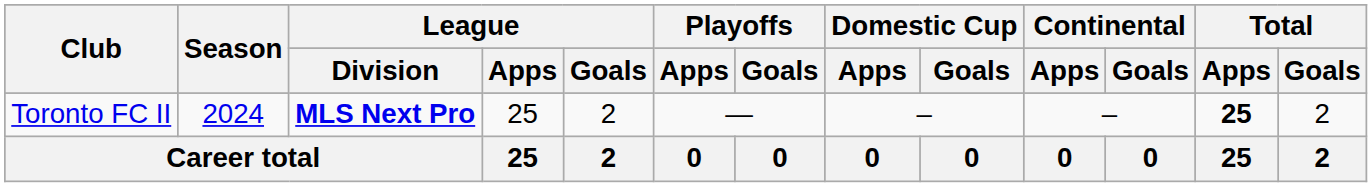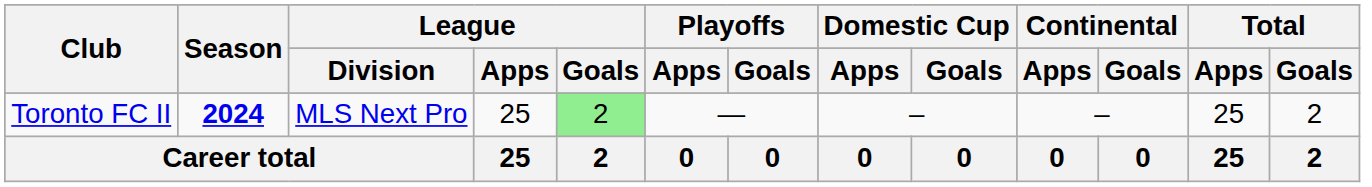 <table class="wikitable" style="text-align: center">
 <tr>
 <th rowspan="2">Club</th>
 <th rowspan="2">Season</th>
 <th colspan="3">League</th>
 <th colspan="2">Playoffs</th>
 <th colspan="2">Domestic Cup</th>
 <th colspan="2">Continental</th>
 <th colspan="2">Total</th>
 </tr>
 <tr>
 <th>Division</th>
 <th>Apps</th>
 <th>Goals</th>
 <th>Apps</th>
 <th>Goals</th>
 <th>Apps</th>
 <th>Goals</th>
 <th>Apps</th>
 <th>Goals</th>
 <th>Apps</th>
 <th>Goals</th>
 </tr>
 <tr>
 <td><a href='#'>Toronto FC II</a></td>
-<td><a href='#'>2024</a></td>
-<td><strong><a href='#'>MLS Next Pro</a></strong></td>
+<td><strong><a href='#'>2024</a></strong></td>
+<td><a href='#'>MLS Next Pro</a></td>
 <td>25</td>
-<td>2</td>
+<td style="background: lightgreen;">2</td>
 <td colspan="2">—</td>
 <td colspan="2">–</td>
 <td colspan="2">–</td>
-<td><strong>25</strong></td>
+<td>25</td>
 <td>2</td>
 </tr>
 <tr>
 <th colspan="3"><strong>Career total</strong></th>
 <th>25</th>
 <th>2</th>
 <th>0</th>
 <th>0</th>
 <th>0</th>
 <th>0</th>
 <th>0</th>
 <th>0</th>
 <th>25</th>
 <th>2</th>
 </tr>
 </table>
